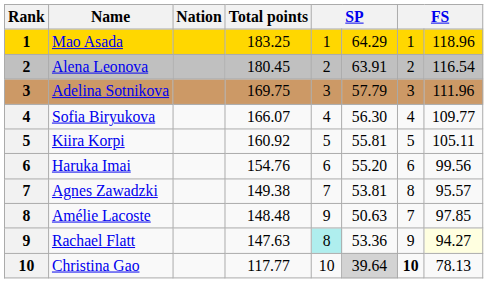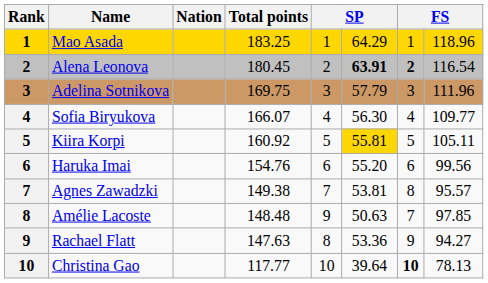 <table class="wikitable sortable">
 <tr>
 <th>Rank</th>
 <th>Name</th>
 <th>Nation</th>
 <th>Total points</th>
 <th colspan="2" width="80px"><a href='#'>SP</a></th>
 <th colspan="2" width="80px"><a href='#'>FS</a></th>
 </tr>
 <tr bgcolor="gold">
 <td align="center"><strong>1</strong></td>
 <td><a href='#'>Mao Asada</a></td>
 <td></td>
 <td align="center">183.25</td>
 <td align="center">1</td>
 <td align="center">64.29</td>
 <td align="center">1</td>
 <td align="center">118.96</td>
 </tr>
 <tr bgcolor="silver">
 <td align="center"><strong>2</strong></td>
 <td><a href='#'>Alena Leonova</a></td>
 <td></td>
 <td align="center">180.45</td>
 <td align="center">2</td>
-<td align="center">63.91</td>
-<td align="center">2</td>
+<td align="center"><strong>63.91</strong></td>
+<td align="center"><strong>2</strong></td>
 <td align="center">116.54</td>
 </tr>
 <tr bgcolor="cc9966">
 <td align="center"><strong>3</strong></td>
 <td><a href='#'>Adelina Sotnikova</a></td>
 <td></td>
 <td align="center">169.75</td>
 <td align="center">3</td>
 <td align="center">57.79</td>
 <td align="center">3</td>
 <td align="center">111.96</td>
 </tr>
 <tr>
 <th>4</th>
 <td><a href='#'>Sofia Biryukova</a></td>
 <td></td>
 <td align="center">166.07</td>
 <td align="center">4</td>
 <td align="center">56.30</td>
 <td align="center">4</td>
 <td align="center">109.77</td>
 </tr>
 <tr>
 <th>5</th>
 <td><a href='#'>Kiira Korpi</a></td>
 <td></td>
 <td align="center">160.92</td>
 <td align="center">5</td>
-<td align="center">55.81</td>
+<td align="center" style="background: gold;">55.81</td>
 <td align="center">5</td>
 <td align="center">105.11</td>
 </tr>
 <tr>
 <th>6</th>
 <td><a href='#'>Haruka Imai</a></td>
 <td></td>
 <td align="center">154.76</td>
 <td align="center">6</td>
 <td align="center">55.20</td>
 <td align="center">6</td>
 <td align="center">99.56</td>
 </tr>
 <tr>
 <th>7</th>
 <td><a href='#'>Agnes Zawadzki</a></td>
 <td></td>
 <td align="center">149.38</td>
 <td align="center">7</td>
 <td align="center">53.81</td>
 <td align="center">8</td>
 <td align="center">95.57</td>
 </tr>
 <tr>
 <th>8</th>
 <td><a href='#'>Amélie Lacoste</a></td>
 <td></td>
 <td align="center">148.48</td>
 <td align="center">9</td>
 <td align="center">50.63</td>
 <td align="center">7</td>
 <td align="center">97.85</td>
 </tr>
 <tr>
 <th>9</th>
 <td><a href='#'>Rachael Flatt</a></td>
 <td></td>
 <td align="center">147.63</td>
-<td align="center" style="background: paleturquoise;">8</td>
+<td align="center">8</td>
 <td align="center">53.36</td>
 <td align="center">9</td>
-<td align="center" style="background: lightyellow;">94.27</td>
+<td align="center">94.27</td>
 </tr>
 <tr>
 <th>10</th>
 <td><a href='#'>Christina Gao</a></td>
 <td></td>
 <td align="center">117.77</td>
 <td align="center">10</td>
-<td align="center" style="background: lightgrey;">39.64</td>
+<td align="center">39.64</td>
 <td align="center"><strong>10</strong></td>
 <td align="center">78.13</td>
 </tr>
 </table>
